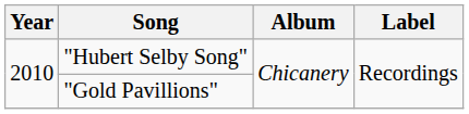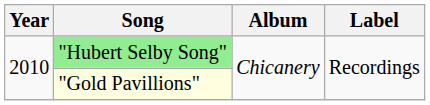 <table class="wikitable">
 <tr>
 <th>Year</th>
 <th>Song</th>
 <th>Album</th>
 <th>Label</th>
 </tr>
 <tr>
 <td rowspan="2">2010</td>
-<td>"Hubert Selby Song"</td>
+<td style="background: lightgreen;">"Hubert Selby Song"</td>
 <td rowspan="2"><em>Chicanery</em></td>
 <td rowspan="2"> Recordings</td>
 </tr>
 <tr>
-<td>"Gold Pavillions"</td>
+<td style="background: lightyellow;">"Gold Pavillions"</td>
 </tr>
 <tr>
 </tr>
 </table>
